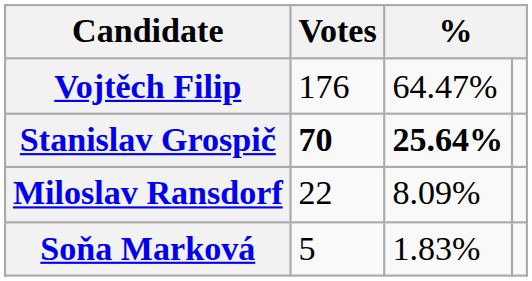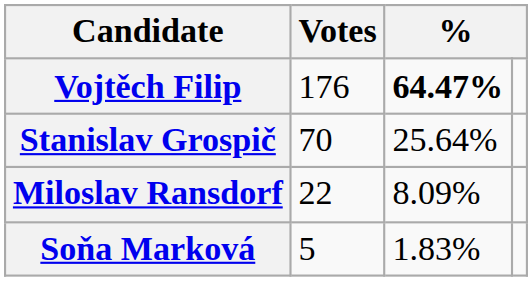 <table class="wikitable">
 <tr>
 <th>Candidate</th>
 <th>Votes</th>
 <th colspan=2>%</th>
 </tr>
 <tr>
 <th><a href='#'>Vojtěch Filip</a></th>
 <td>176</td>
-<td>64.47%</td>
+<td><strong>64.47%</strong></td>
 <td></td>
 </tr>
 <tr>
 <th><a href='#'>Stanislav Grospič</a></th>
-<td><strong>70</strong></td>
-<td><strong>25.64%</strong></td>
+<td>70</td>
+<td>25.64%</td>
 <td></td>
 </tr>
 <tr>
 <th><a href='#'>Miloslav Ransdorf</a></th>
 <td>22</td>
 <td>8.09%</td>
 <td></td>
 </tr>
 <tr>
 <th><a href='#'>Soňa Marková</a></th>
 <td>5</td>
 <td>1.83%</td>
 <td></td>
 </tr>
 </table>
